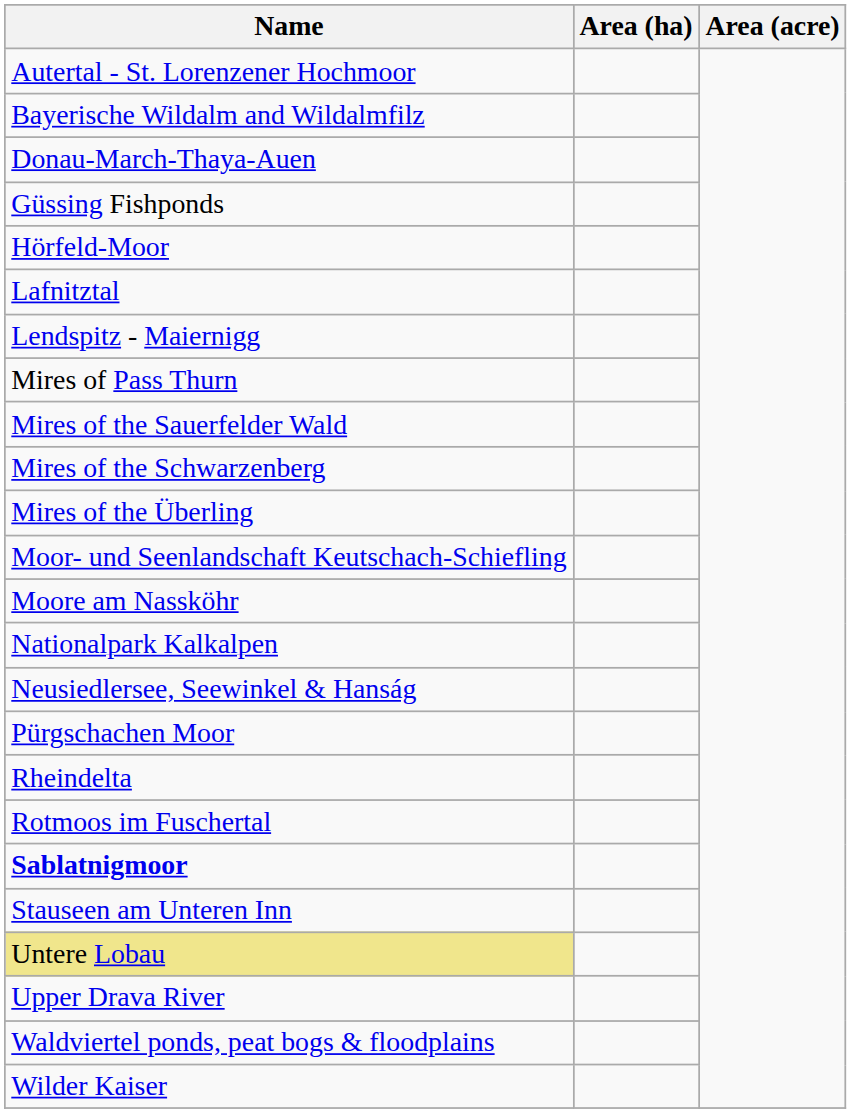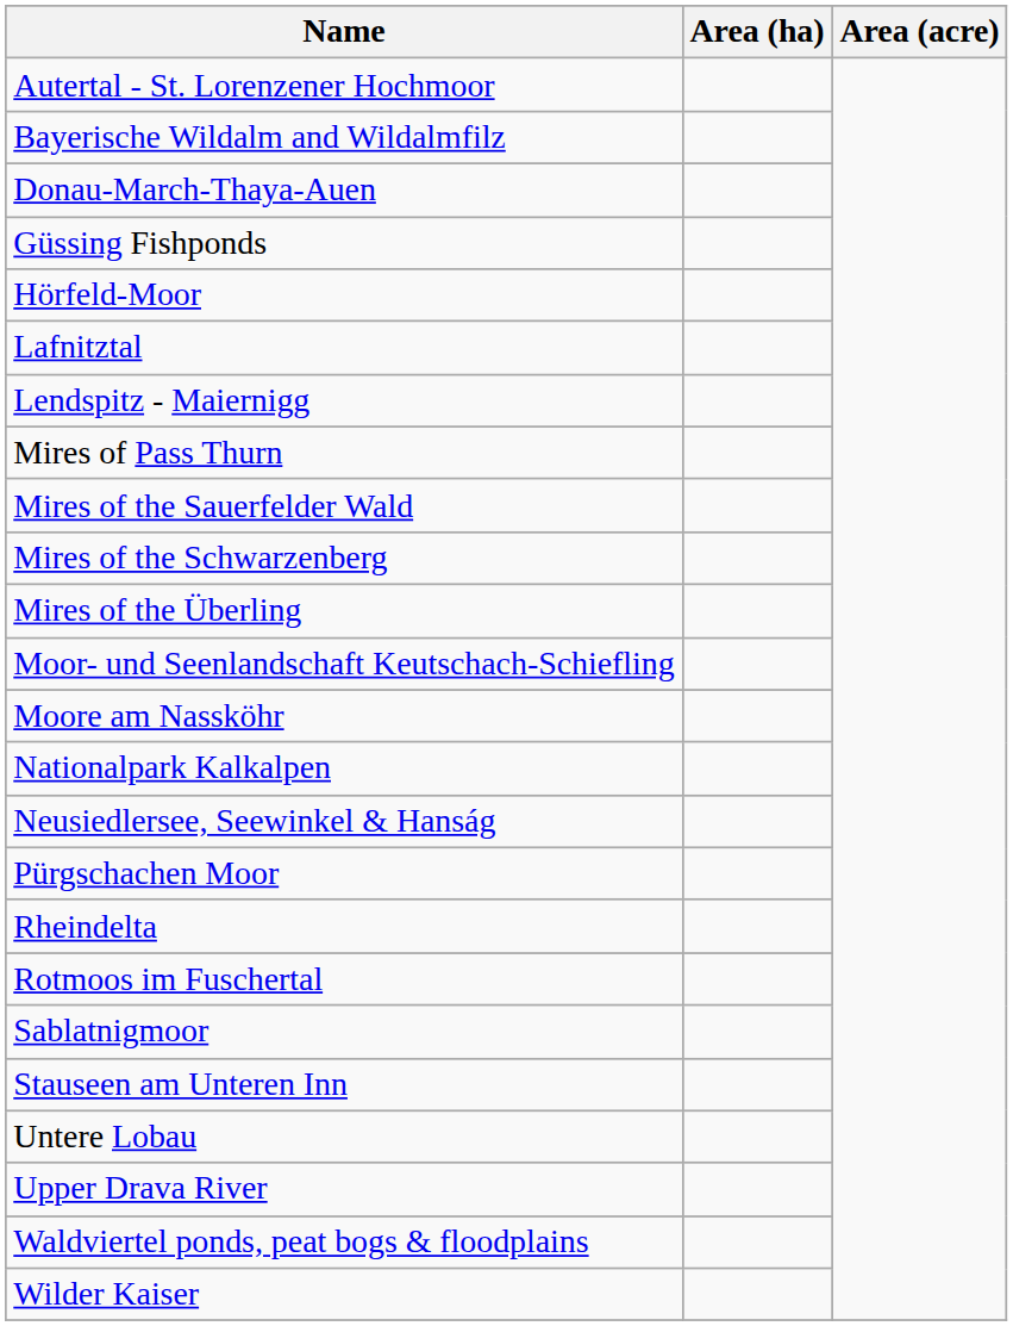 <table class="wikitable">
 <tr>
 <th scope="col" align=left>Name</th>
 <th scope="col">Area (ha)</th>
 <th scope="col">Area (acre)</th>
 </tr>
 <tr ---->
 <td><a href='#'>Autertal - St. Lorenzener Hochmoor</a></td>
 <td></td>
 </tr>
 <tr ---->
 <td><a href='#'>Bayerische Wildalm and Wildalmfilz</a></td>
 <td></td>
 </tr>
 <tr ---->
 <td><a href='#'>Donau-March-Thaya-Auen</a></td>
 <td></td>
 </tr>
 <tr ---->
 <td><a href='#'>Güssing</a> Fishponds</td>
 <td></td>
 </tr>
 <tr ---->
 <td><a href='#'>Hörfeld-Moor</a></td>
 <td></td>
 </tr>
 <tr ---->
 <td><a href='#'>Lafnitztal</a></td>
 <td></td>
 </tr>
 <tr ---->
 <td><a href='#'>Lendspitz</a> - <a href='#'>Maiernigg</a></td>
 <td></td>
 </tr>
 <tr ---->
 <td>Mires of <a href='#'>Pass Thurn</a></td>
 <td></td>
 </tr>
 <tr ---->
 <td><a href='#'>Mires of the Sauerfelder Wald</a></td>
 <td></td>
 </tr>
 <tr ---->
 <td><a href='#'>Mires of the Schwarzenberg</a></td>
 <td></td>
 </tr>
 <tr ---->
 <td><a href='#'>Mires of the Überling</a></td>
 <td></td>
 </tr>
 <tr ---->
 <td><a href='#'>Moor- und Seenlandschaft Keutschach-Schiefling</a></td>
 <td></td>
 </tr>
 <tr ---->
 <td><a href='#'>Moore am Nassköhr</a></td>
 <td></td>
 </tr>
 <tr ---->
 <td><a href='#'>Nationalpark Kalkalpen</a></td>
 <td></td>
 </tr>
 <tr ---->
 <td><a href='#'>Neusiedlersee, Seewinkel & Hanság</a></td>
 <td></td>
 </tr>
 <tr ---->
 <td><a href='#'>Pürgschachen Moor</a></td>
 <td></td>
 </tr>
 <tr ---->
 <td><a href='#'>Rheindelta</a></td>
 <td></td>
 </tr>
 <tr ---->
 <td><a href='#'>Rotmoos im Fuschertal</a></td>
 <td></td>
 </tr>
 <tr ---->
-<td><strong><a href='#'>Sablatnigmoor</a></strong></td>
+<td><a href='#'>Sablatnigmoor</a></td>
 <td></td>
 </tr>
 <tr ---->
 <td><a href='#'>Stauseen am Unteren Inn</a></td>
 <td></td>
 </tr>
 <tr ---->
-<td style="background: khaki;">Untere <a href='#'>Lobau</a></td>
+<td>Untere <a href='#'>Lobau</a></td>
 <td></td>
 </tr>
 <tr ---->
 <td><a href='#'>Upper Drava River</a></td>
 <td></td>
 </tr>
 <tr ---->
 <td><a href='#'>Waldviertel ponds, peat bogs & floodplains</a></td>
 <td></td>
 </tr>
 <tr ---->
 <td><a href='#'>Wilder Kaiser</a></td>
 <td></td>
 </tr>
 </table>
